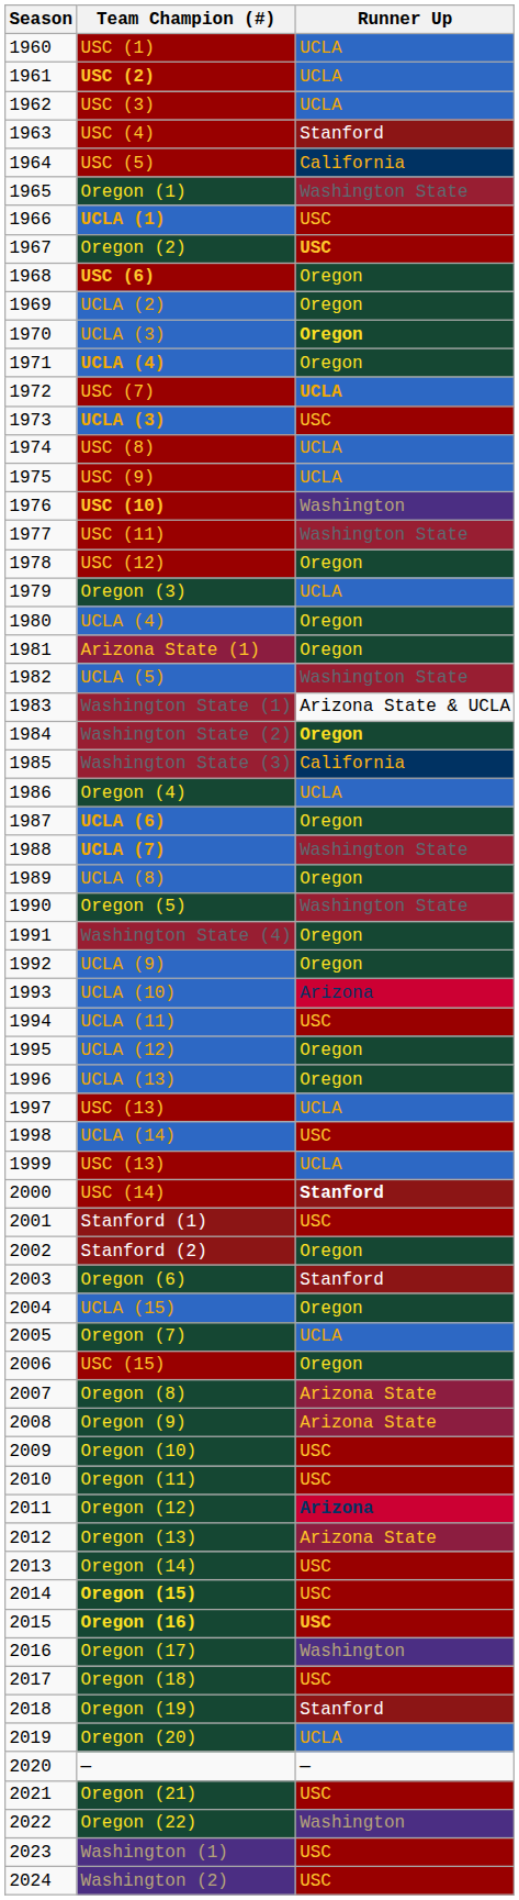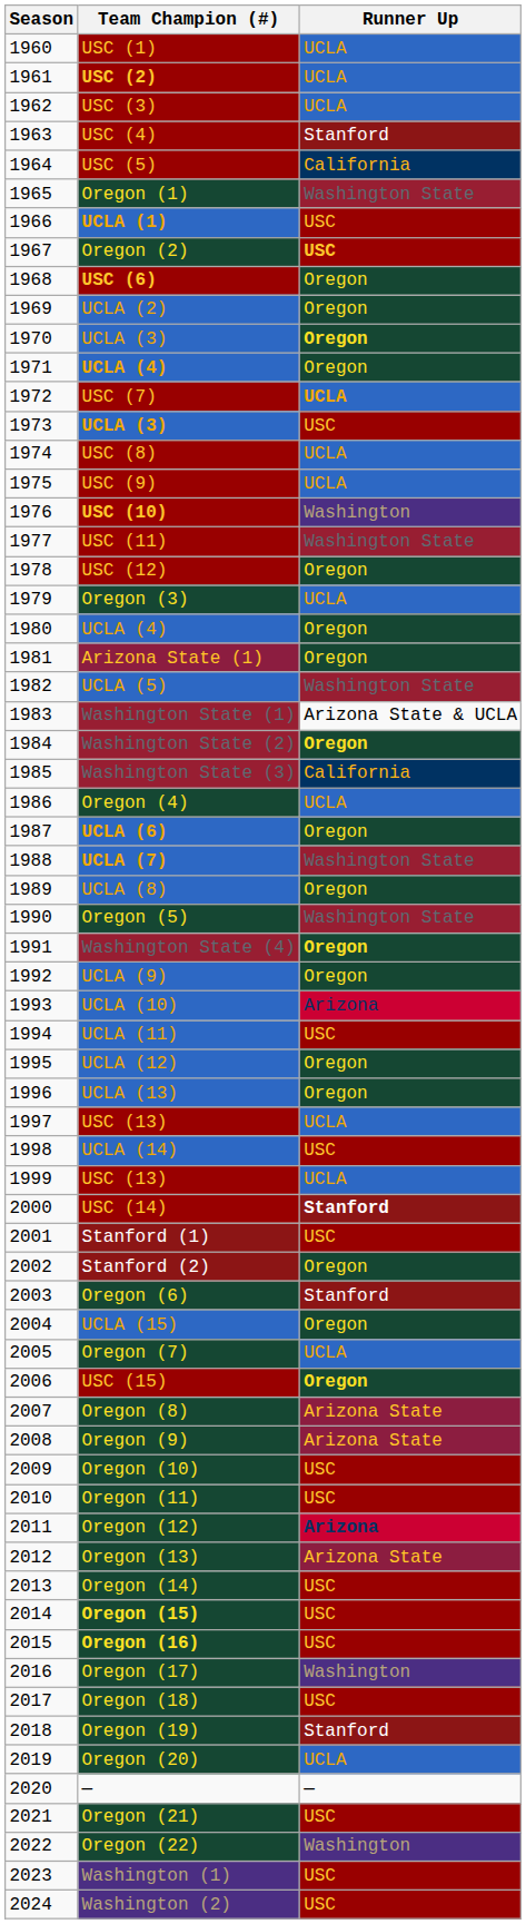 <table class="wikitable">
 <tr>
 <th>Season</th>
 <th>Team Champion (#)</th>
 <th>Runner Up</th>
 </tr>
 <tr>
 <td>1960</td>
 <td style="background:#990000; color:#FFC72C;">USC (1)</td>
 <td style="background:#2D68C4; color:#F2A900;">UCLA</td>
 </tr>
 <tr>
 <td>1961</td>
 <td style="background:#990000; color:#FFC72C;"><strong>USC (2)</strong></td>
 <td style="background:#2D68C4; color:#F2A900;">UCLA</td>
 </tr>
 <tr>
 <td>1962</td>
 <td style="background:#990000; color:#FFC72C;">USC (3)</td>
 <td style="background:#2D68C4; color:#F2A900;">UCLA</td>
 </tr>
 <tr>
 <td>1963</td>
 <td style="background:#990000; color:#FFC72C;">USC (4)</td>
 <td style="background:#8C1515; color:#FFFFFF;">Stanford</td>
 </tr>
 <tr>
 <td>1964</td>
 <td style="background:#990000; color:#FFC72C;">USC (5)</td>
 <td style="background:#003262; color:#FDB515;">California</td>
 </tr>
 <tr>
 <td>1965</td>
 <td style="background:#154733; color:#FEE123;">Oregon (1)</td>
 <td style="background:#981E32; color:#5E6A71;">Washington State</td>
 </tr>
 <tr>
 <td>1966</td>
 <td style="background:#2D68C4; color:#F2A900;"><strong>UCLA (1)</strong></td>
 <td style="background:#990000; color:#FFC72C;">USC</td>
 </tr>
 <tr>
 <td>1967</td>
 <td style="background:#154733; color:#FEE123;">Oregon (2)</td>
 <td style="background:#990000; color:#FFC72C;"><strong>USC</strong></td>
 </tr>
 <tr>
 <td>1968</td>
 <td style="background:#990000; color:#FFC72C;"><strong>USC (6)</strong></td>
 <td style="background:#154733; color:#FEE123;">Oregon</td>
 </tr>
 <tr>
 <td>1969</td>
 <td style="background:#2D68C4; color:#F2A900;">UCLA (2)</td>
 <td style="background:#154733; color:#FEE123;">Oregon</td>
 </tr>
 <tr>
 <td>1970</td>
 <td style="background:#2D68C4; color:#F2A900;">UCLA (3)</td>
 <td style="background:#154733; color:#FEE123;"><strong>Oregon</strong></td>
 </tr>
 <tr>
 <td>1971</td>
 <td style="background:#2D68C4; color:#F2A900;"><strong>UCLA (4)</strong></td>
 <td style="background:#154733; color:#FEE123;">Oregon</td>
 </tr>
 <tr>
 <td>1972</td>
 <td style="background:#990000; color:#FFC72C;">USC (7)</td>
 <td style="background:#2D68C4; color:#F2A900;"><strong>UCLA</strong></td>
 </tr>
 <tr>
 <td>1973</td>
 <td style="background:#2D68C4; color:#F2A900;"><strong>UCLA (3)</strong></td>
 <td style="background:#990000; color:#FFC72C;">USC</td>
 </tr>
 <tr>
 <td>1974</td>
 <td style="background:#990000; color:#FFC72C;">USC (8)</td>
 <td style="background:#2D68C4; color:#F2A900;">UCLA</td>
 </tr>
 <tr>
 <td>1975</td>
 <td style="background:#990000; color:#FFC72C;">USC (9)</td>
 <td style="background:#2D68C4; color:#F2A900;">UCLA</td>
 </tr>
 <tr>
 <td>1976</td>
 <td style="background:#990000; color:#FFC72C;"><strong>USC (10)</strong></td>
 <td style="background:#4B2E83; color:#B7A57A;">Washington</td>
 </tr>
 <tr>
 <td>1977</td>
 <td style="background:#990000; color:#FFC72C;">USC (11)</td>
 <td style="background:#981E32; color:#5E6A71;">Washington State</td>
 </tr>
 <tr>
 <td>1978</td>
 <td style="background:#990000; color:#FFC72C;">USC (12)</td>
 <td style="background:#154733; color:#FEE123;">Oregon</td>
 </tr>
 <tr>
 <td>1979</td>
 <td style="background:#154733; color:#FEE123;">Oregon (3)</td>
 <td style="background:#2D68C4; color:#F2A900;">UCLA</td>
 </tr>
 <tr>
 <td>1980</td>
 <td style="background:#2D68C4; color:#F2A900;">UCLA (4)</td>
 <td style="background:#154733; color:#FEE123;">Oregon</td>
 </tr>
 <tr>
 <td>1981</td>
 <td style="background:#8C1D40; color:#FFC627;">Arizona State (1)</td>
 <td style="background:#154733; color:#FEE123;">Oregon</td>
 </tr>
 <tr>
 <td>1982</td>
 <td style="background:#2D68C4; color:#F2A900;">UCLA (5)</td>
 <td style="background:#981E32; color:#5E6A71;">Washington State</td>
 </tr>
 <tr>
 <td>1983</td>
 <td style="background:#981E32; color:#5E6A71;">Washington State (1)</td>
 <td>Arizona State & UCLA</td>
 </tr>
 <tr>
 <td>1984</td>
 <td style="background:#981E32; color:#5E6A71;">Washington State (2)</td>
 <td style="background:#154733; color:#FEE123;"><strong>Oregon</strong></td>
 </tr>
 <tr>
 <td>1985</td>
 <td style="background:#981E32; color:#5E6A71;">Washington State (3)</td>
 <td style="background:#003262; color:#FDB515;">California</td>
 </tr>
 <tr>
 <td>1986</td>
 <td style="background:#154733; color:#FEE123;">Oregon (4)</td>
 <td style="background:#2D68C4; color:#F2A900;">UCLA</td>
 </tr>
 <tr>
 <td>1987</td>
 <td style="background:#2D68C4; color:#F2A900;"><strong>UCLA (6)</strong></td>
 <td style="background:#154733; color:#FEE123;">Oregon</td>
 </tr>
 <tr>
 <td>1988</td>
 <td style="background:#2D68C4; color:#F2A900;"><strong>UCLA (7)</strong></td>
 <td style="background:#981E32; color:#5E6A71;">Washington State</td>
 </tr>
 <tr>
 <td>1989</td>
 <td style="background:#2D68C4; color:#F2A900;">UCLA (8)</td>
 <td style="background:#154733; color:#FEE123;">Oregon</td>
 </tr>
 <tr>
 <td>1990</td>
 <td style="background:#154733; color:#FEE123;">Oregon (5)</td>
 <td style="background:#981E32; color:#5E6A71;">Washington State</td>
 </tr>
 <tr>
 <td>1991</td>
 <td style="background:#981E32; color:#5E6A71;">Washington State (4)</td>
-<td style="background:#154733; color:#FEE123;">Oregon</td>
+<td style="background:#154733; color:#FEE123;"><strong>Oregon</strong></td>
 </tr>
 <tr>
 <td>1992</td>
 <td style="background:#2D68C4; color:#F2A900;">UCLA (9)</td>
 <td style="background:#154733; color:#FEE123;">Oregon</td>
 </tr>
 <tr>
 <td>1993</td>
 <td style="background:#2D68C4; color:#F2A900;">UCLA (10)</td>
 <td style="background:#CC0033; color:#003366;">Arizona</td>
 </tr>
 <tr>
 <td>1994</td>
 <td style="background:#2D68C4; color:#F2A900;">UCLA (11)</td>
 <td style="background:#990000; color:#FFC72C;">USC</td>
 </tr>
 <tr>
 <td>1995</td>
 <td style="background:#2D68C4; color:#F2A900;">UCLA (12)</td>
 <td style="background:#154733; color:#FEE123;">Oregon</td>
 </tr>
 <tr>
 <td>1996</td>
 <td style="background:#2D68C4; color:#F2A900;">UCLA (13)</td>
 <td style="background:#154733; color:#FEE123;">Oregon</td>
 </tr>
 <tr>
 <td>1997</td>
 <td style="background:#990000; color:#FFC72C;">USC (13)</td>
 <td style="background:#2D68C4; color:#F2A900;">UCLA</td>
 </tr>
 <tr>
 <td>1998</td>
 <td style="background:#2D68C4; color:#F2A900;">UCLA (14)</td>
 <td style="background:#990000; color:#FFC72C;">USC</td>
 </tr>
 <tr>
 <td>1999</td>
 <td style="background:#990000; color:#FFC72C;">USC (13)</td>
 <td style="background:#2D68C4; color:#F2A900;">UCLA</td>
 </tr>
 <tr>
 <td>2000</td>
 <td style="background:#990000; color:#FFC72C;">USC (14)</td>
 <td style="background:#8C1515; color:#FFFFFF;"><strong>Stanford</strong></td>
 </tr>
 <tr>
 <td>2001</td>
 <td style="background:#8C1515; color:#FFFFFF;">Stanford (1)</td>
 <td style="background:#990000; color:#FFC72C;">USC</td>
 </tr>
 <tr>
 <td>2002</td>
 <td style="background:#8C1515; color:#FFFFFF;">Stanford (2)</td>
 <td style="background:#154733; color:#FEE123;">Oregon</td>
 </tr>
 <tr>
 <td>2003</td>
 <td style="background:#154733; color:#FEE123;">Oregon (6)</td>
 <td style="background:#8C1515; color:#FFFFFF;">Stanford</td>
 </tr>
 <tr>
 <td>2004</td>
 <td style="background:#2D68C4; color:#F2A900;">UCLA (15)</td>
 <td style="background:#154733; color:#FEE123;">Oregon</td>
 </tr>
 <tr>
 <td>2005</td>
 <td style="background:#154733; color:#FEE123;">Oregon (7)</td>
 <td style="background:#2D68C4; color:#F2A900;">UCLA</td>
 </tr>
 <tr>
 <td>2006</td>
 <td style="background:#990000; color:#FFC72C;">USC (15)</td>
-<td style="background:#154733; color:#FEE123;">Oregon</td>
+<td style="background:#154733; color:#FEE123;"><strong>Oregon</strong></td>
 </tr>
 <tr>
 <td>2007</td>
 <td style="background:#154733; color:#FEE123;">Oregon (8)</td>
 <td style="background:#8C1D40; color:#FFC627;">Arizona State</td>
 </tr>
 <tr>
 <td>2008</td>
 <td style="background:#154733; color:#FEE123;">Oregon (9)</td>
 <td style="background:#8C1D40; color:#FFC627;">Arizona State</td>
 </tr>
 <tr>
 <td>2009</td>
 <td style="background:#154733; color:#FEE123;">Oregon (10)</td>
 <td style="background:#990000; color:#FFC72C;">USC</td>
 </tr>
 <tr>
 <td>2010</td>
 <td style="background:#154733; color:#FEE123;">Oregon (11)</td>
 <td style="background:#990000; color:#FFC72C;">USC</td>
 </tr>
 <tr>
 <td>2011</td>
 <td style="background:#154733; color:#FEE123;">Oregon (12)</td>
 <td style="background:#CC0033; color:#003366;"><strong>Arizona</strong></td>
 </tr>
 <tr>
 <td>2012</td>
 <td style="background:#154733; color:#FEE123;">Oregon (13)</td>
 <td style="background:#8C1D40; color:#FFC627;">Arizona State</td>
 </tr>
 <tr>
 <td>2013</td>
 <td style="background:#154733; color:#FEE123;">Oregon (14)</td>
 <td style="background:#990000; color:#FFC72C;">USC</td>
 </tr>
 <tr>
 <td>2014</td>
 <td style="background:#154733; color:#FEE123;"><strong>Oregon (15)</strong></td>
 <td style="background:#990000; color:#FFC72C;">USC</td>
 </tr>
 <tr>
 <td>2015</td>
 <td style="background:#154733; color:#FEE123;"><strong>Oregon (16)</strong></td>
-<td style="background:#990000; color:#FFC72C;"><strong>USC</strong></td>
+<td style="background:#990000; color:#FFC72C;">USC</td>
 </tr>
 <tr>
 <td>2016</td>
 <td style="background:#154733; color:#FEE123;">Oregon (17)</td>
 <td style="background:#4B2E83; color:#B7A57A;">Washington</td>
 </tr>
 <tr>
 <td>2017</td>
 <td style="background:#154733; color:#FEE123;">Oregon (18)</td>
 <td style="background:#990000; color:#FFC72C;">USC</td>
 </tr>
 <tr>
 <td>2018</td>
 <td style="background:#154733; color:#FEE123;">Oregon (19)</td>
 <td style="background:#8C1515; color:#FFFFFF;">Stanford</td>
 </tr>
 <tr>
 <td>2019</td>
 <td style="background:#154733; color:#FEE123;">Oregon (20)</td>
 <td style="background:#2D68C4; color:#F2A900;">UCLA</td>
 </tr>
 <tr>
 <td>2020</td>
 <td>—</td>
 <td>—</td>
 </tr>
 <tr>
 <td>2021</td>
 <td style="background:#154733; color:#FEE123;">Oregon (21)</td>
 <td style="background:#990000; color:#FFC72C;">USC</td>
 </tr>
 <tr>
 <td>2022</td>
 <td style="background:#154733; color:#FEE123;">Oregon (22)</td>
 <td style="background:#4B2E83; color:#B7A57A;">Washington</td>
 </tr>
 <tr>
 <td>2023</td>
 <td style="background:#4B2E83; color:#B7A57A;">Washington (1)</td>
 <td style="background:#990000; color:#FFC72C;">USC</td>
 </tr>
 <tr>
 <td>2024</td>
 <td style="background:#4B2E83; color:#B7A57A;">Washington (2)</td>
 <td style="background:#990000; color:#FFC72C;">USC</td>
 </tr>
 </table>
